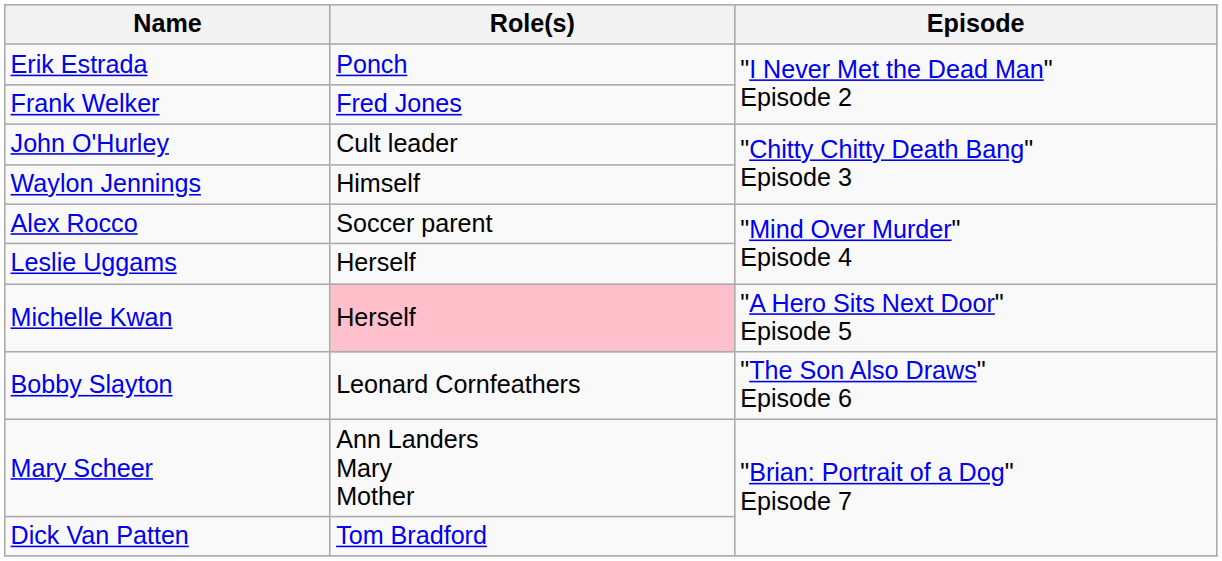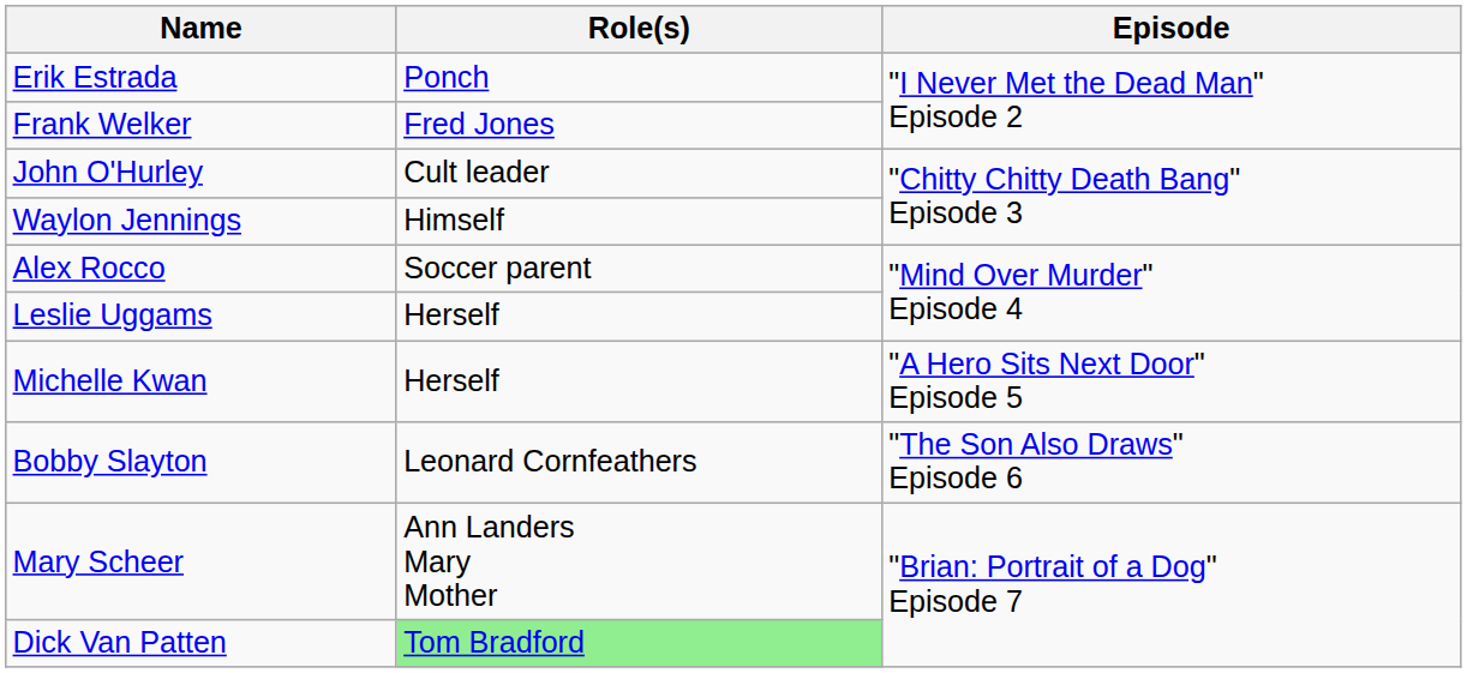 <table class="wikitable">
 <tr>
 <th scope="col" style="width: 200px;">Name</th>
 <th scope="col" style="width: 250px;">Role(s)</th>
 <th scope="col" style="width: 300px;">Episode</th>
 </tr>
 <tr>
 <td><a href='#'>Erik Estrada</a></td>
 <td><a href='#'>Ponch</a></td>
 <td rowspan="2">"<a href='#'>I Never Met the Dead Man</a>"<br>Episode 2</td>
 </tr>
 <tr>
 <td><a href='#'>Frank Welker</a></td>
 <td><a href='#'>Fred Jones</a></td>
 </tr>
 <tr>
 <td><a href='#'>John O'Hurley</a></td>
 <td>Cult leader</td>
 <td rowspan="2">"<a href='#'>Chitty Chitty Death Bang</a>"<br>Episode 3</td>
 </tr>
 <tr>
 <td><a href='#'>Waylon Jennings</a></td>
 <td>Himself</td>
 </tr>
 <tr>
 <td><a href='#'>Alex Rocco</a></td>
 <td>Soccer parent</td>
 <td rowspan="2">"<a href='#'>Mind Over Murder</a>"<br>Episode 4</td>
 </tr>
 <tr>
 <td><a href='#'>Leslie Uggams</a></td>
 <td>Herself</td>
 </tr>
 <tr>
 <td><a href='#'>Michelle Kwan</a></td>
-<td style="background: pink;">Herself</td>
+<td>Herself</td>
 <td>"<a href='#'>A Hero Sits Next Door</a>"<br>Episode 5</td>
 </tr>
 <tr>
 <td><a href='#'>Bobby Slayton</a></td>
 <td>Leonard Cornfeathers</td>
 <td>"<a href='#'>The Son Also Draws</a>"<br>Episode 6</td>
 </tr>
 <tr>
 <td><a href='#'>Mary Scheer</a></td>
 <td>Ann Landers<br>Mary<br>Mother</td>
 <td rowspan="2">"<a href='#'>Brian: Portrait of a Dog</a>"<br>Episode 7</td>
 </tr>
 <tr>
 <td><a href='#'>Dick Van Patten</a></td>
-<td><a href='#'>Tom Bradford</a></td>
+<td style="background: lightgreen;"><a href='#'>Tom Bradford</a></td>
 </tr>
 </table>
